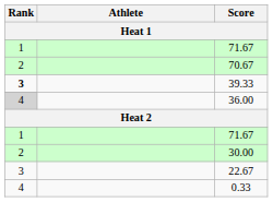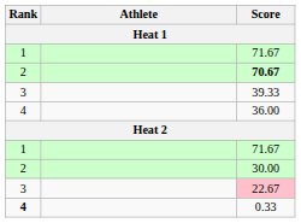 <table class="wikitable" style="text-align:center;">
 <tr>
 <th width=40>Rank</th>
 <th width=250>Athlete</th>
 <th width=70>Score</th>
 </tr>
 <tr>
 <th colspan=3>Heat 1</th>
 </tr>
 <tr bgcolor="ccffcc">
 <td>1</td>
 <td align=left></td>
 <td>71.67</td>
 </tr>
 <tr bgcolor="ccffcc">
 <td>2</td>
 <td align=left></td>
-<td>70.67</td>
+<td><strong>70.67</strong></td>
 </tr>
 <tr>
-<td><strong>3</strong></td>
+<td>3</td>
 <td align=left></td>
 <td>39.33</td>
 </tr>
 <tr>
-<td style="background: lightgrey;">4</td>
+<td>4</td>
 <td align=left></td>
 <td>36.00</td>
 </tr>
 <tr>
 <th colspan=3>Heat 2</th>
 </tr>
 <tr bgcolor="ccffcc">
 <td>1</td>
 <td align=left></td>
 <td>71.67</td>
 </tr>
 <tr bgcolor="ccffcc">
 <td>2</td>
 <td align=left></td>
 <td>30.00</td>
 </tr>
 <tr>
 <td>3</td>
 <td align=left></td>
-<td>22.67</td>
+<td style="background: pink;">22.67</td>
 </tr>
 <tr>
-<td>4</td>
+<td><strong>4</strong></td>
 <td align=left></td>
 <td>0.33</td>
 </tr>
 </table>
